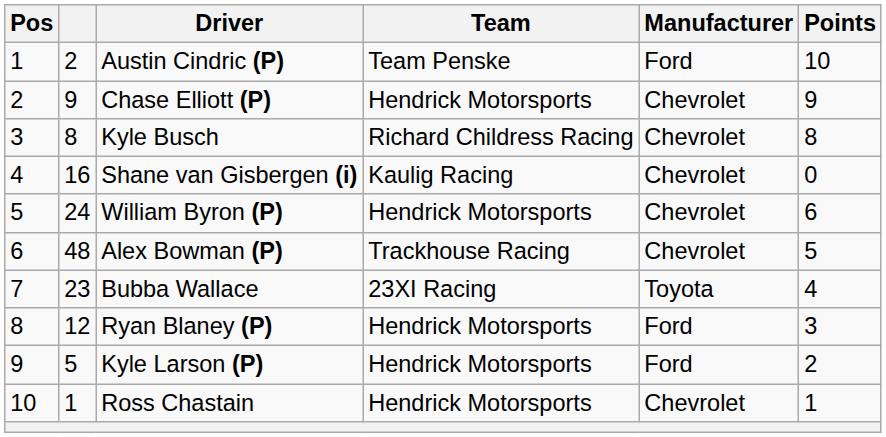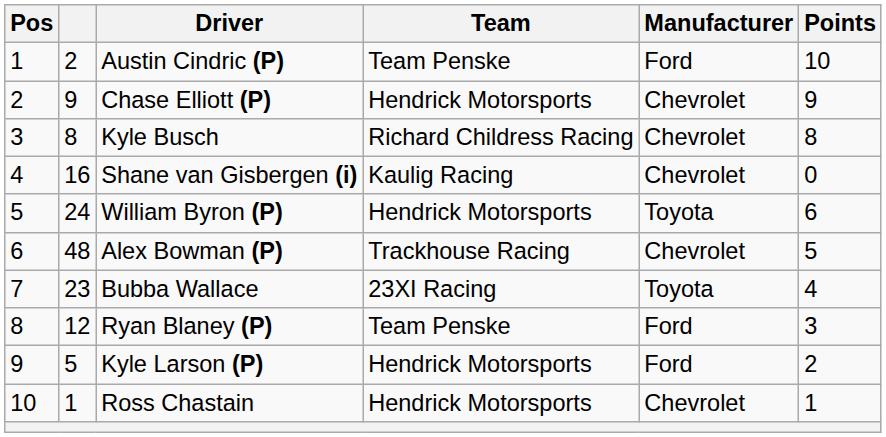 <table class="wikitable" style="font-size:98%">
 <tr>
 <th>Pos</th>
 <th></th>
 <th>Driver</th>
 <th>Team</th>
 <th>Manufacturer</th>
 <th>Points</th>
 </tr>
 <tr>
 <td>1</td>
 <td>2</td>
 <td>Austin Cindric <strong>(P)</strong></td>
 <td>Team Penske</td>
 <td>Ford</td>
 <td>10</td>
 </tr>
 <tr>
 <td>2</td>
 <td>9</td>
 <td>Chase Elliott <strong>(P)</strong></td>
 <td>Hendrick Motorsports</td>
 <td>Chevrolet</td>
 <td>9</td>
 </tr>
 <tr>
 <td>3</td>
 <td>8</td>
 <td>Kyle Busch</td>
 <td>Richard Childress Racing</td>
 <td>Chevrolet</td>
 <td>8</td>
 </tr>
 <tr>
 <td>4</td>
 <td>16</td>
 <td>Shane van Gisbergen <strong>(i)</strong></td>
 <td>Kaulig Racing</td>
 <td>Chevrolet</td>
 <td>0</td>
 </tr>
 <tr>
 <td>5</td>
 <td>24</td>
 <td>William Byron <strong>(P)</strong></td>
 <td>Hendrick Motorsports</td>
-<td>Chevrolet</td>
+<td>Toyota</td>
 <td>6</td>
 </tr>
 <tr>
 <td>6</td>
 <td>48</td>
 <td>Alex Bowman <strong>(P)</strong></td>
 <td>Trackhouse Racing</td>
 <td>Chevrolet</td>
 <td>5</td>
 </tr>
 <tr>
 <td>7</td>
 <td>23</td>
 <td>Bubba Wallace</td>
 <td>23XI Racing</td>
 <td>Toyota</td>
 <td>4</td>
 </tr>
 <tr>
 <td>8</td>
 <td>12</td>
 <td>Ryan Blaney <strong>(P)</strong></td>
-<td>Hendrick Motorsports</td>
+<td>Team Penske</td>
 <td>Ford</td>
 <td>3</td>
 </tr>
 <tr>
 <td>9</td>
 <td>5</td>
 <td>Kyle Larson <strong>(P)</strong></td>
 <td>Hendrick Motorsports</td>
 <td>Ford</td>
 <td>2</td>
 </tr>
 <tr>
 <td>10</td>
 <td>1</td>
 <td>Ross Chastain</td>
 <td>Hendrick Motorsports</td>
 <td>Chevrolet</td>
 <td>1</td>
 </tr>
 <tr>
 <th colspan="6"></th>
 </tr>
 </table>
